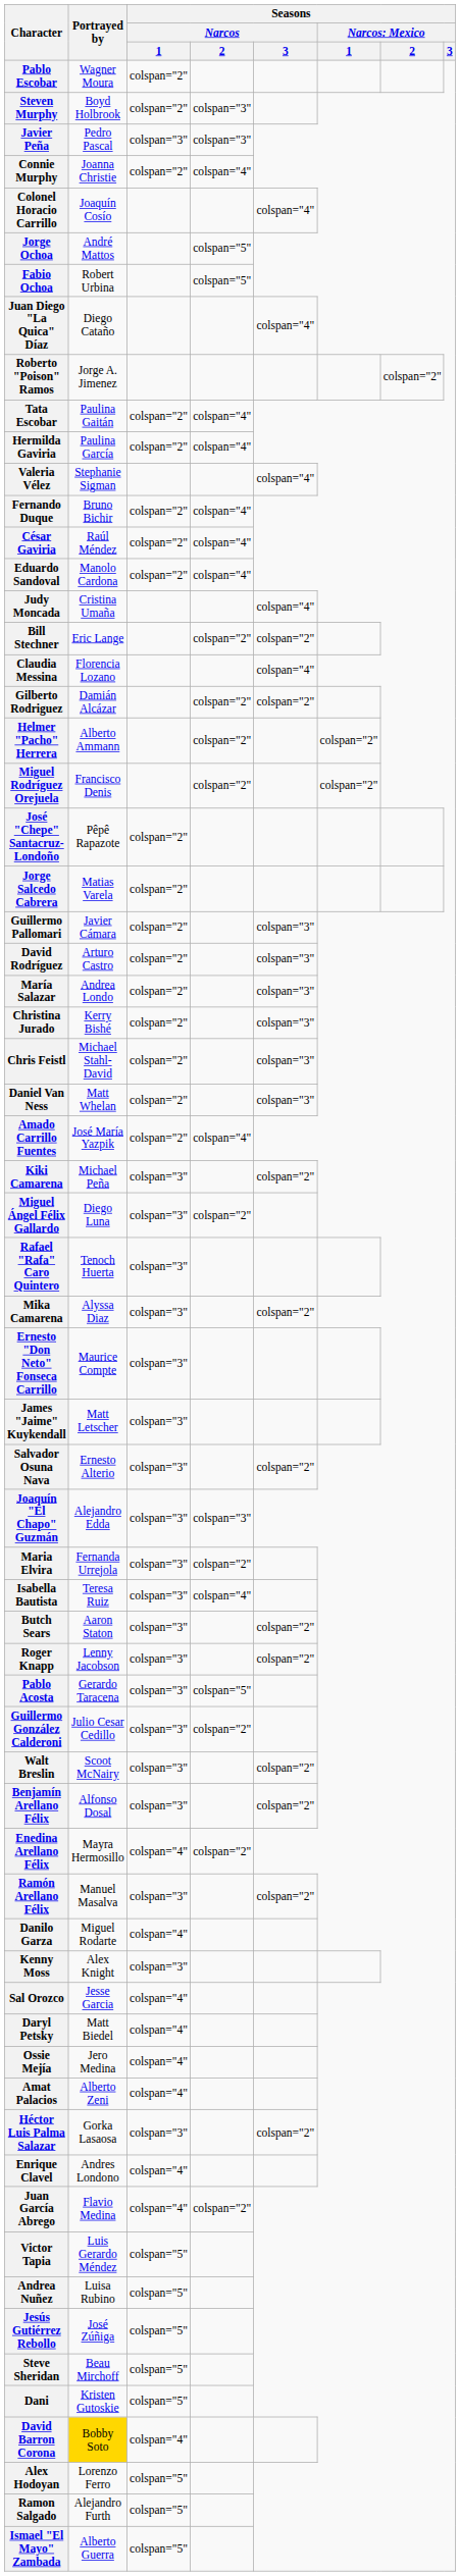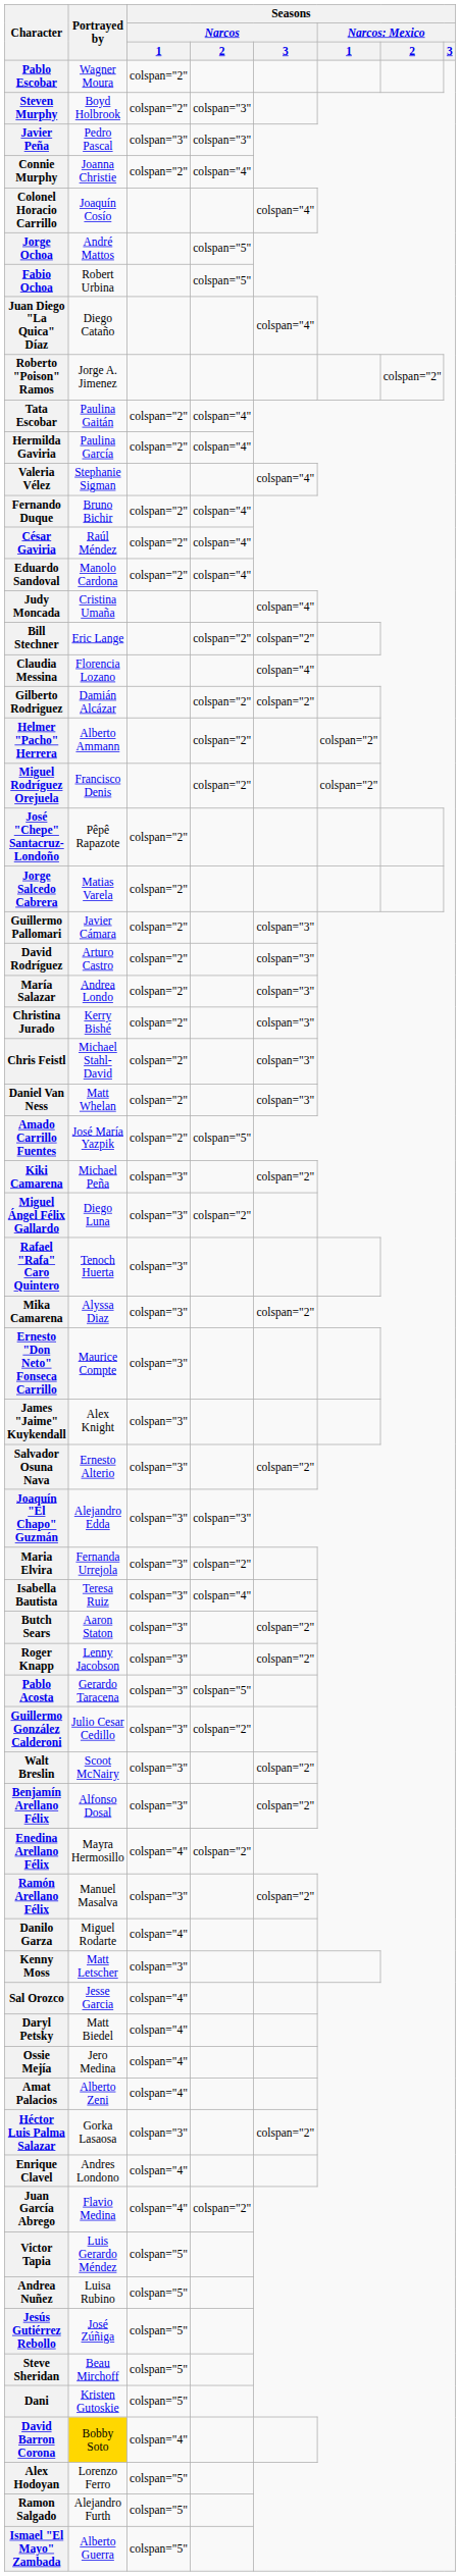 <table class="wikitable plainrowheaders" style="text-align:center;">
 <tr>
 <th scope="col" rowspan="3" style="width: 300px;">Character</th>
 <th scope="col" rowspan="3" style="width: 200px;">Portrayed by</th>
 <th scope="col" colspan="6">Seasons</th>
 </tr>
 <tr>
 <th colspan="3"><em><a href='#'>Narcos</a></em></th>
 <th colspan="3"><em><a href='#'>Narcos: Mexico</a></em></th>
 </tr>
 <tr>
 <th scope="col" style="width: 120px;"><a href='#'>1</a></th>
 <th scope="col" style="width: 120px;"><a href='#'>2</a></th>
 <th scope="col" style="width: 120px;"><a href='#'>3</a></th>
 <th scope="col" style="width: 120px;"><a href='#'>1</a></th>
 <th scope="col" style="width: 120px;"><a href='#'>2</a></th>
 <th scope="col" style="width: 120px;"><a href='#'>3</a></th>
 </tr>
 <tr>
 <th scope="row"><a href='#'>Pablo Escobar</a></th>
 <td><a href='#'>Wagner Moura</a></td>
 <td>colspan="2" </td>
 <td></td>
 <td></td>
 <td></td>
 <td></td>
 </tr>
 <tr>
 <th scope="row"><a href='#'>Steven Murphy</a></th>
 <td><a href='#'>Boyd Holbrook</a></td>
 <td>colspan="2" </td>
 <td>colspan="3" </td>
 <td></td>
 </tr>
 <tr>
 <th scope="row"><a href='#'>Javier Peña</a></th>
 <td><a href='#'>Pedro Pascal</a></td>
 <td>colspan="3" </td>
 <td>colspan="3" </td>
 </tr>
 <tr>
 <th scope="row">Connie Murphy</th>
 <td><a href='#'>Joanna Christie</a></td>
 <td>colspan="2" </td>
 <td>colspan="4" </td>
 </tr>
 <tr>
 <th scope="row">Colonel Horacio Carrillo</th>
 <td><a href='#'>Joaquín Cosío</a></td>
 <td></td>
 <td></td>
 <td>colspan="4" </td>
 </tr>
 <tr>
 <th scope="row"><a href='#'>Jorge Ochoa</a></th>
 <td><a href='#'>André Mattos</a></td>
 <td></td>
 <td>colspan="5" </td>
 </tr>
 <tr>
 <th scope="row"><a href='#'>Fabio Ochoa</a></th>
 <td>Robert Urbina</td>
 <td></td>
 <td>colspan="5" </td>
 </tr>
 <tr>
 <th scope="row">Juan Diego "La Quica" Díaz</th>
 <td>Diego Cataño</td>
 <td></td>
 <td></td>
 <td>colspan="4" </td>
 </tr>
 <tr>
 <th scope="row">Roberto "Poison" Ramos</th>
 <td>Jorge A. Jimenez</td>
 <td></td>
 <td></td>
 <td></td>
 <td></td>
 <td>colspan="2" </td>
 </tr>
 <tr>
 <th scope="row">Tata Escobar</th>
 <td><a href='#'>Paulina Gaitán</a></td>
 <td>colspan="2" </td>
 <td>colspan="4" </td>
 </tr>
 <tr>
 <th scope="row">Hermilda Gaviria</th>
 <td><a href='#'>Paulina García</a></td>
 <td>colspan="2" </td>
 <td>colspan="4" </td>
 </tr>
 <tr>
 <th scope="row">Valeria Vélez</th>
 <td><a href='#'>Stephanie Sigman</a></td>
 <td></td>
 <td></td>
 <td>colspan="4" </td>
 </tr>
 <tr>
 <th scope="row">Fernando Duque</th>
 <td><a href='#'>Bruno Bichir</a></td>
 <td>colspan="2" </td>
 <td>colspan="4" </td>
 </tr>
 <tr>
 <th scope="row"><a href='#'>César Gaviria</a></th>
 <td><a href='#'>Raúl Méndez</a></td>
 <td>colspan="2" </td>
 <td>colspan="4" </td>
 </tr>
 <tr>
 <th scope="row">Eduardo Sandoval</th>
 <td><a href='#'>Manolo Cardona</a></td>
 <td>colspan="2" </td>
 <td>colspan="4" </td>
 </tr>
 <tr>
 <th scope="row">Judy Moncada</th>
 <td><a href='#'>Cristina Umaña</a></td>
 <td></td>
 <td></td>
 <td>colspan="4" </td>
 </tr>
 <tr>
 <th scope="row">Bill Stechner</th>
 <td><a href='#'>Eric Lange</a></td>
 <td></td>
 <td>colspan="2" </td>
 <td>colspan="2" </td>
 <td></td>
 </tr>
 <tr>
 <th scope="row">Claudia Messina</th>
 <td><a href='#'>Florencia Lozano</a></td>
 <td></td>
 <td></td>
 <td>colspan="4" </td>
 </tr>
 <tr>
 <th scope="row">Gilberto Rodriguez</th>
 <td><a href='#'>Damián Alcázar</a></td>
 <td></td>
 <td>colspan="2" </td>
 <td>colspan="2" </td>
 <td></td>
 </tr>
 <tr>
 <th scope="row"><a href='#'>Helmer "Pacho" Herrera</a></th>
 <td><a href='#'>Alberto Ammann</a></td>
 <td></td>
 <td>colspan="2" </td>
 <td></td>
 <td>colspan="2" </td>
 </tr>
 <tr>
 <th scope="row"><a href='#'>Miguel Rodríguez Orejuela</a></th>
 <td><a href='#'>Francisco Denis</a></td>
 <td></td>
 <td>colspan="2" </td>
 <td></td>
 <td>colspan="2" </td>
 </tr>
 <tr>
 <th scope="row"><a href='#'>José "Chepe" Santacruz-Londoño</a></th>
 <td>Pêpê Rapazote</td>
 <td>colspan="2" </td>
 <td></td>
 <td></td>
 <td></td>
 <td></td>
 </tr>
 <tr>
 <th scope="row"><a href='#'>Jorge Salcedo Cabrera</a></th>
 <td><a href='#'>Matias Varela</a></td>
 <td>colspan="2" </td>
 <td></td>
 <td></td>
 <td></td>
 <td></td>
 </tr>
 <tr>
 <th scope="row">Guillermo Pallomari</th>
 <td><a href='#'>Javier Cámara</a></td>
 <td>colspan="2" </td>
 <td></td>
 <td>colspan="3" </td>
 </tr>
 <tr>
 <th scope="row">David Rodríguez</th>
 <td><a href='#'>Arturo Castro</a></td>
 <td>colspan="2" </td>
 <td></td>
 <td>colspan="3" </td>
 </tr>
 <tr>
 <th scope="row">María Salazar</th>
 <td><a href='#'>Andrea Londo</a></td>
 <td>colspan="2" </td>
 <td></td>
 <td>colspan="3" </td>
 </tr>
 <tr>
 <th scope="row">Christina Jurado</th>
 <td><a href='#'>Kerry Bishé</a></td>
 <td>colspan="2" </td>
 <td></td>
 <td>colspan="3" </td>
 </tr>
 <tr>
 <th scope="row">Chris Feistl</th>
 <td><a href='#'>Michael Stahl-David</a></td>
 <td>colspan="2" </td>
 <td></td>
 <td>colspan="3" </td>
 </tr>
 <tr>
 <th scope="row">Daniel Van Ness</th>
 <td><a href='#'>Matt Whelan</a></td>
 <td>colspan="2" </td>
 <td></td>
 <td>colspan="3" </td>
 </tr>
 <tr>
 <th scope="row"><a href='#'>Amado Carrillo Fuentes</a></th>
 <td><a href='#'>José María Yazpik</a></td>
 <td>colspan="2" </td>
-<td>colspan="4" </td>
+<td>colspan="5" </td>
 </tr>
 <tr>
 <th scope="row"><a href='#'>Kiki Camarena</a></th>
 <td><a href='#'>Michael Peña</a></td>
 <td>colspan="3" </td>
 <td></td>
 <td>colspan="2" </td>
 </tr>
 <tr>
 <th scope="row"><a href='#'>Miguel Ángel Félix Gallardo</a></th>
 <td><a href='#'>Diego Luna</a></td>
 <td>colspan="3" </td>
 <td>colspan="2" </td>
 <td></td>
 </tr>
 <tr>
 <th scope="row"><a href='#'>Rafael "Rafa" Caro Quintero</a></th>
 <td><a href='#'>Tenoch Huerta</a></td>
 <td>colspan="3" </td>
 <td></td>
 <td></td>
 <td></td>
 </tr>
 <tr>
 <th scope="row">Mika Camarena</th>
 <td><a href='#'>Alyssa Diaz</a></td>
 <td>colspan="3" </td>
 <td></td>
 <td>colspan="2" </td>
 </tr>
 <tr>
 <th scope="row"><a href='#'>Ernesto "Don Neto" Fonseca Carrillo</a></th>
 <td><a href='#'>Maurice Compte</a></td>
 <td>colspan="3" </td>
 <td></td>
 <td></td>
 <td></td>
 </tr>
 <tr>
 <th scope="row">James "Jaime" Kuykendall</th>
-<td><a href='#'>Matt Letscher</a></td>
+<td>Alex Knight</td>
 <td>colspan="3" </td>
 <td></td>
 <td></td>
 <td></td>
 </tr>
 <tr>
 <th scope="row">Salvador Osuna Nava</th>
 <td><a href='#'>Ernesto Alterio</a></td>
 <td>colspan="3" </td>
 <td></td>
 <td>colspan="2" </td>
 </tr>
 <tr>
 <th scope="row"><a href='#'>Joaquín "El Chapo" Guzmán</a></th>
 <td><a href='#'>Alejandro Edda</a></td>
 <td>colspan="3" </td>
 <td>colspan="3" </td>
 </tr>
 <tr>
 <th scope="row">Maria Elvira</th>
 <td><a href='#'>Fernanda Urrejola</a></td>
 <td>colspan="3" </td>
 <td>colspan="2" </td>
 <td></td>
 </tr>
 <tr>
 <th scope="row">Isabella Bautista</th>
 <td><a href='#'>Teresa Ruiz</a></td>
 <td>colspan="3" </td>
 <td>colspan="4" </td>
 <td></td>
 </tr>
 <tr>
 <th scope="row">Butch Sears</th>
 <td><a href='#'>Aaron Staton</a></td>
 <td>colspan="3" </td>
 <td></td>
 <td>colspan="2" </td>
 </tr>
 <tr>
 <th scope="row">Roger Knapp</th>
 <td><a href='#'>Lenny Jacobson</a></td>
 <td>colspan="3" </td>
 <td></td>
 <td>colspan="2" </td>
 </tr>
 <tr>
 <th scope="row"><a href='#'>Pablo Acosta</a></th>
 <td><a href='#'>Gerardo Taracena</a></td>
 <td>colspan="3" </td>
 <td>colspan="5" </td>
 <td></td>
 </tr>
 <tr>
 <th scope="row"><a href='#'>Guillermo González Calderoni</a></th>
 <td><a href='#'>Julio Cesar Cedillo</a></td>
 <td>colspan="3" </td>
 <td>colspan="2" </td>
 <td></td>
 </tr>
 <tr>
 <th scope="row">Walt Breslin</th>
 <td><a href='#'>Scoot McNairy</a></td>
 <td>colspan="3" </td>
 <td></td>
 <td>colspan="2" </td>
 </tr>
 <tr>
 <th scope="row"><a href='#'>Benjamín Arellano Félix</a></th>
 <td><a href='#'>Alfonso Dosal</a></td>
 <td>colspan="3" </td>
 <td></td>
 <td>colspan="2" </td>
 </tr>
 <tr>
 <th scope="row"><a href='#'>Enedina Arellano Félix</a></th>
 <td>Mayra Hermosillo</td>
 <td>colspan="4" </td>
 <td>colspan="2" </td>
 </tr>
 <tr>
 <th scope="row"><a href='#'>Ramón Arellano Félix</a></th>
 <td>Manuel Masalva</td>
 <td>colspan="3" </td>
 <td></td>
 <td>colspan="2" </td>
 </tr>
 <tr>
 <th scope="row">Danilo Garza</th>
 <td>Miguel Rodarte</td>
 <td>colspan="4" </td>
 <td></td>
 <td></td>
 </tr>
 <tr>
 <th scope="row">Kenny Moss</th>
-<td>Alex Knight</td>
+<td><a href='#'>Matt Letscher</a></td>
 <td>colspan="3" </td>
 <td></td>
 <td></td>
 <td></td>
 </tr>
 <tr>
 <th scope="row">Sal Orozco</th>
 <td><a href='#'>Jesse Garcia</a></td>
 <td>colspan="4" </td>
 <td></td>
 <td></td>
 </tr>
 <tr>
 <th scope="row">Daryl Petsky</th>
 <td>Matt Biedel</td>
 <td>colspan="4" </td>
 <td></td>
 <td></td>
 </tr>
 <tr>
 <th scope="row">Ossie Mejía</th>
 <td>Jero Medina</td>
 <td>colspan="4" </td>
 <td></td>
 <td></td>
 </tr>
 <tr>
 <th scope="row">Amat Palacios</th>
 <td><a href='#'>Alberto Zeni</a></td>
 <td>colspan="4" </td>
 <td></td>
 <td></td>
 </tr>
 <tr>
 <th scope="row"><a href='#'>Héctor Luis Palma Salazar</a></th>
 <td>Gorka Lasaosa</td>
 <td>colspan="3" </td>
 <td></td>
 <td>colspan="2" </td>
 </tr>
 <tr>
 <th scope="row">Enrique Clavel</th>
 <td>Andres Londono</td>
 <td>colspan="4" </td>
 <td></td>
 <td></td>
 </tr>
 <tr>
 <th scope="row">Juan García Abrego</th>
 <td><a href='#'>Flavio Medina</a></td>
 <td>colspan="4" </td>
 <td>colspan="2" </td>
 </tr>
 <tr>
 <th scope="row">Victor Tapia</th>
 <td><a href='#'>Luis Gerardo Méndez</a></td>
 <td>colspan="5" </td>
 <td></td>
 </tr>
 <tr>
 <th scope="row">Andrea Nuñez</th>
 <td>Luisa Rubino</td>
 <td>colspan="5" </td>
 <td></td>
 </tr>
 <tr>
 <th scope="row"><a href='#'>Jesús Gutiérrez Rebollo</a></th>
 <td><a href='#'>José Zúñiga</a></td>
 <td>colspan="5" </td>
 <td></td>
 </tr>
 <tr>
 <th scope="row">Steve Sheridan</th>
 <td><a href='#'>Beau Mirchoff</a></td>
 <td>colspan="5" </td>
 <td></td>
 </tr>
 <tr>
 <th scope="row">Dani</th>
 <td><a href='#'>Kristen Gutoskie</a></td>
 <td>colspan="5" </td>
 <td></td>
 </tr>
 <tr>
 <th scope="row"><a href='#'>David Barron Corona</a></th>
 <td style="background: gold;">Bobby Soto</td>
 <td>colspan="4" </td>
 <td></td>
 <td></td>
 </tr>
 <tr>
 <th scope="row">Alex Hodoyan</th>
 <td>Lorenzo Ferro</td>
 <td>colspan="5" </td>
 <td></td>
 </tr>
 <tr>
 <th scope="row">Ramon Salgado</th>
 <td>Alejandro Furth</td>
 <td>colspan="5" </td>
 <td></td>
 </tr>
 <tr>
 <th scope="row"><a href='#'>Ismael "El Mayo" Zambada</a></th>
 <td><a href='#'>Alberto Guerra</a></td>
 <td>colspan="5" </td>
 <td></td>
 </tr>
 </table>
